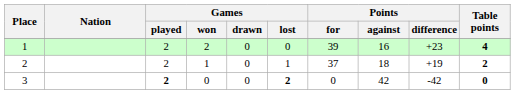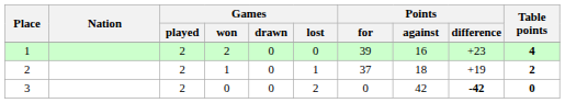 <table class="wikitable">
 <tr>
 <th rowspan=2 width="8%">Place</th>
 <th rowspan=2 width="20%">Nation</th>
 <th colspan=4 width="32%">Games</th>
 <th colspan=3 width="30%">Points</th>
 <th rowspan=2 width="10%">Table<br>points</th>
 </tr>
 <tr>
 <th width="8%">played</th>
 <th width="8%">won</th>
 <th width="8%">drawn</th>
 <th width="8%">lost</th>
 <th width="10%">for</th>
 <th width="10%">against</th>
 <th width="10%">difference</th>
 </tr>
 <tr>
 </tr>
 <tr bgcolor=#ccffcc align=center>
 <td>1</td>
 <td align=left></td>
 <td>2</td>
 <td>2</td>
 <td>0</td>
 <td>0</td>
 <td>39</td>
 <td>16</td>
 <td>+23</td>
 <td><strong>4</strong></td>
 </tr>
 <tr bgcolor=#ffffff align=center>
 <td>2</td>
 <td align=left></td>
 <td>2</td>
 <td>1</td>
 <td>0</td>
 <td>1</td>
 <td>37</td>
 <td>18</td>
 <td>+19</td>
 <td><strong>2</strong></td>
 </tr>
 <tr bgcolor=#ffffff align=center>
 <td>3</td>
 <td align=left> </td>
-<td><strong>2</strong></td>
+<td>2</td>
 <td>0</td>
 <td>0</td>
-<td><strong>2</strong></td>
+<td>2</td>
 <td>0</td>
 <td>42</td>
-<td>-42</td>
+<td><strong>-42</strong></td>
 <td><strong>0</strong></td>
 </tr>
 </table>
